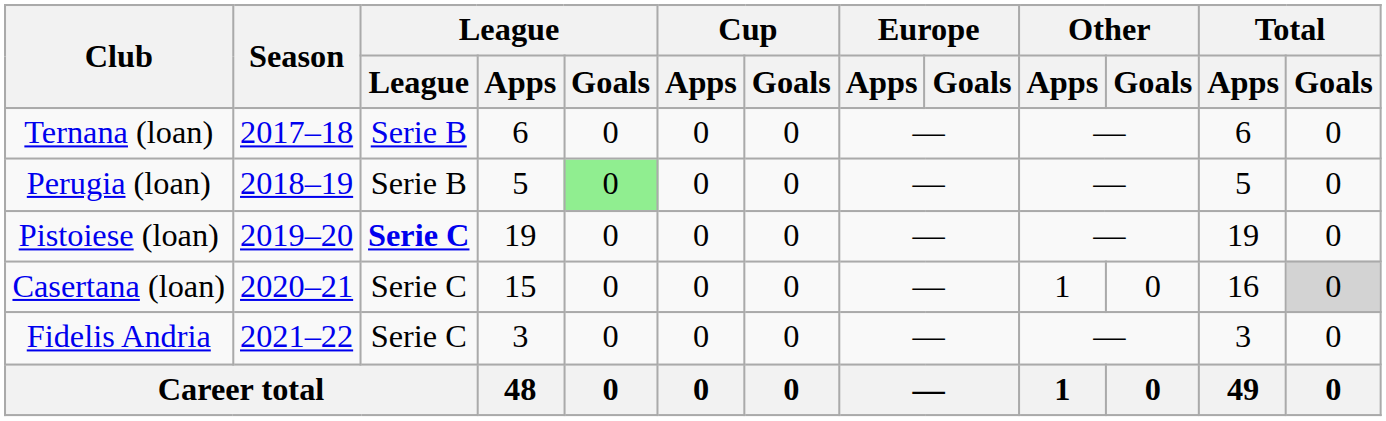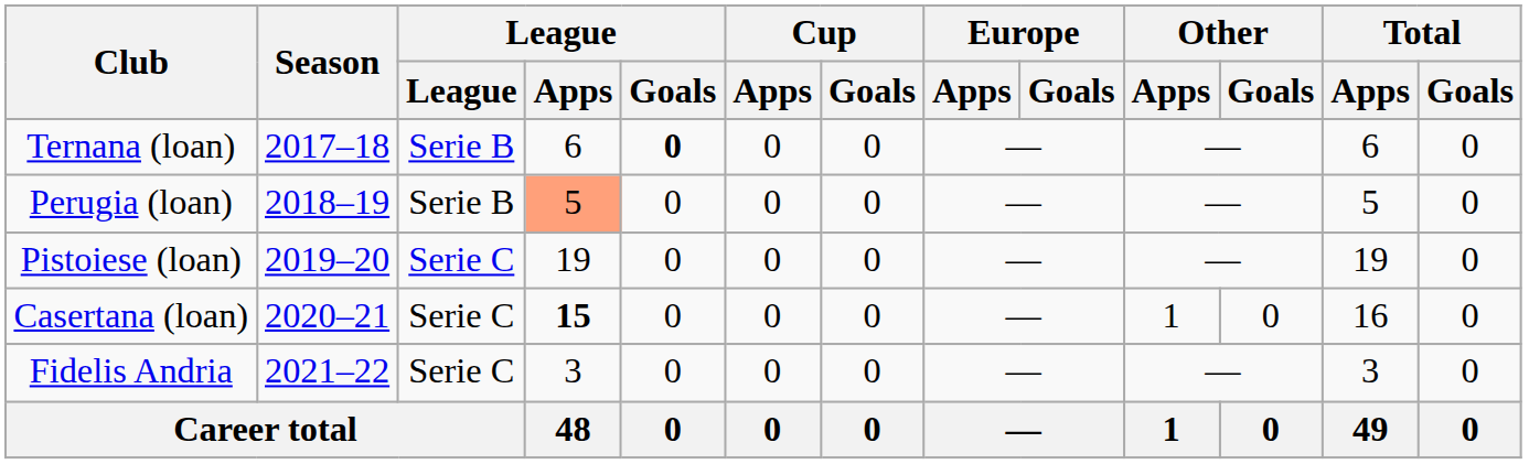 <table class="wikitable" style="text-align: center;">
 <tr>
 <th rowspan="2">Club</th>
 <th rowspan="2">Season</th>
 <th colspan="3">League</th>
 <th colspan="2">Cup</th>
 <th colspan="2">Europe</th>
 <th colspan="2">Other</th>
 <th colspan="2">Total</th>
 </tr>
 <tr>
 <th>League</th>
 <th>Apps</th>
 <th>Goals</th>
 <th>Apps</th>
 <th>Goals</th>
 <th>Apps</th>
 <th>Goals</th>
 <th>Apps</th>
 <th>Goals</th>
 <th>Apps</th>
 <th>Goals</th>
 </tr>
 <tr>
 <td><a href='#'>Ternana</a> (loan)</td>
 <td><a href='#'>2017–18</a></td>
 <td><a href='#'>Serie B</a></td>
 <td>6</td>
-<td>0</td>
+<td><strong>0</strong></td>
 <td>0</td>
 <td>0</td>
 <td colspan="2">—</td>
 <td colspan="2">—</td>
 <td>6</td>
 <td>0</td>
 </tr>
 <tr>
 <td><a href='#'>Perugia</a> (loan)</td>
 <td><a href='#'>2018–19</a></td>
 <td>Serie B</td>
-<td>5</td>
-<td style="background: lightgreen;">0</td>
+<td style="background: lightsalmon;">5</td>
+<td>0</td>
 <td>0</td>
 <td>0</td>
 <td colspan="2">—</td>
 <td colspan="2">—</td>
 <td>5</td>
 <td>0</td>
 </tr>
 <tr>
 <td><a href='#'>Pistoiese</a> (loan)</td>
 <td><a href='#'>2019–20</a></td>
-<td><strong><a href='#'>Serie C</a></strong></td>
+<td><a href='#'>Serie C</a></td>
 <td>19</td>
 <td>0</td>
 <td>0</td>
 <td>0</td>
 <td colspan="2">—</td>
 <td colspan="2">—</td>
 <td>19</td>
 <td>0</td>
 </tr>
 <tr>
 <td><a href='#'>Casertana</a> (loan)</td>
 <td><a href='#'>2020–21</a></td>
 <td>Serie C</td>
-<td>15</td>
+<td><strong>15</strong></td>
 <td>0</td>
 <td>0</td>
 <td>0</td>
 <td colspan="2">—</td>
 <td>1</td>
 <td>0</td>
 <td>16</td>
-<td style="background: lightgrey;">0</td>
+<td>0</td>
 </tr>
 <tr>
 <td><a href='#'>Fidelis Andria</a></td>
 <td><a href='#'>2021–22</a></td>
 <td>Serie C</td>
 <td>3</td>
 <td>0</td>
 <td>0</td>
 <td>0</td>
 <td colspan="2">—</td>
 <td colspan="2">—</td>
 <td>3</td>
 <td>0</td>
 </tr>
 <tr>
 <th colspan="3">Career total</th>
 <th>48</th>
 <th>0</th>
 <th>0</th>
 <th>0</th>
 <th colspan="2">—</th>
 <th>1</th>
 <th>0</th>
 <th>49</th>
 <th>0</th>
 </tr>
 </table>
